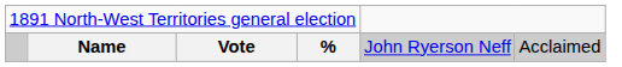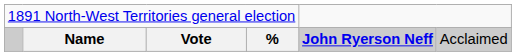 <table class="wikitable">
 <tr>
 <td colspan=4 align=center><a href='#'>1891 North-West Territories general election</a></td>
 </tr>
 <tr bgcolor="CCCCCC">
 <td></td>
 <th><strong>Name </strong></th>
 <th><strong>Vote</strong></th>
 <th><strong>%</strong><br></th>
-<td><a href='#'>John Ryerson Neff</a></td>
+<td><strong><a href='#'>John Ryerson Neff</a></strong></td>
 <td colspan="2" align=center>Acclaimed</td>
 </tr>
 </table>
